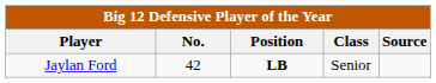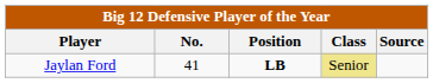 <table class="wikitable" style="text-align:center">
 <tr>
 <td colspan="6" style= "background: #BF5700; color:white"><strong> Big 12 Defensive Player of the Year</strong></td>
 </tr>
 <tr>
 <th style="width:150px; ">Player</th>
 <th style="width:70px; ">No.</th>
 <th style="width:90px; ">Position</th>
 <th style="width:50px; ">Class</th>
 <th style="width:10px; ">Source</th>
 </tr>
 <tr>
 <td><a href='#'>Jaylan Ford</a></td>
-<td>42</td>
+<td>41</td>
 <td><strong>LB</strong></td>
-<td>Senior</td>
+<td style="background: khaki;">Senior</td>
 <td></td>
 </tr>
 </table>
